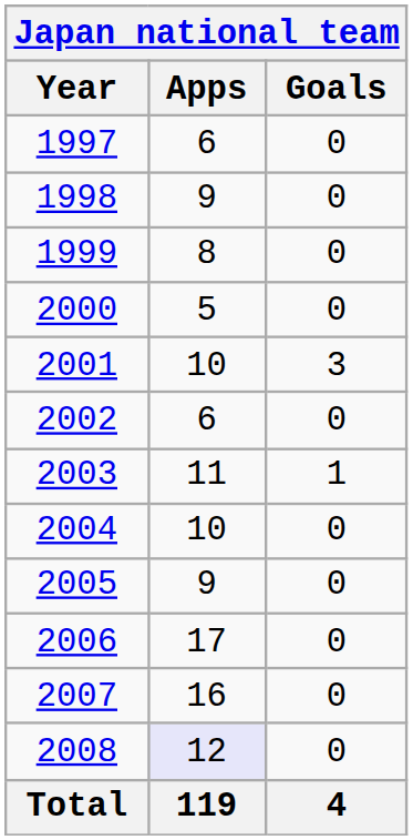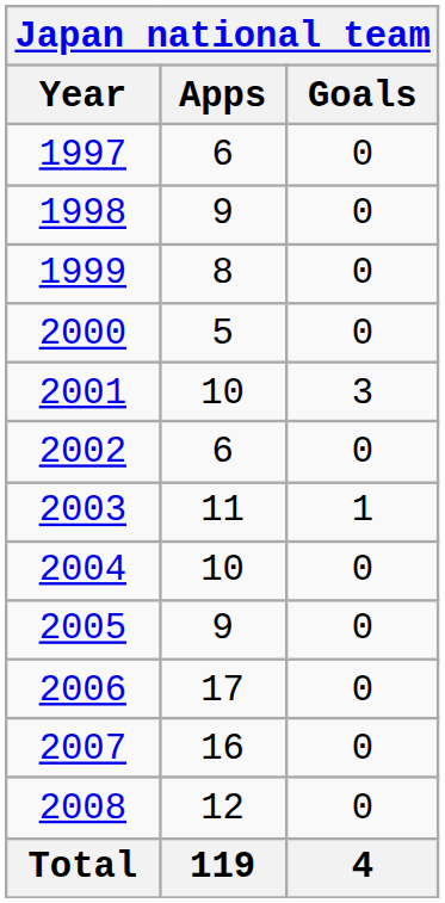 <table class="wikitable" style="text-align:center">
 <tr>
 <th colspan=3><a href='#'>Japan national team</a></th>
 </tr>
 <tr>
 <th>Year</th>
 <th>Apps</th>
 <th>Goals</th>
 </tr>
 <tr>
 <td><a href='#'>1997</a></td>
 <td>6</td>
 <td>0</td>
 </tr>
 <tr>
 <td><a href='#'>1998</a></td>
 <td>9</td>
 <td>0</td>
 </tr>
 <tr>
 <td><a href='#'>1999</a></td>
 <td>8</td>
 <td>0</td>
 </tr>
 <tr>
 <td><a href='#'>2000</a></td>
 <td>5</td>
 <td>0</td>
 </tr>
 <tr>
 <td><a href='#'>2001</a></td>
 <td>10</td>
 <td>3</td>
 </tr>
 <tr>
 <td><a href='#'>2002</a></td>
 <td>6</td>
 <td>0</td>
 </tr>
 <tr>
 <td><a href='#'>2003</a></td>
 <td>11</td>
 <td>1</td>
 </tr>
 <tr>
 <td><a href='#'>2004</a></td>
 <td>10</td>
 <td>0</td>
 </tr>
 <tr>
 <td><a href='#'>2005</a></td>
 <td>9</td>
 <td>0</td>
 </tr>
 <tr>
 <td><a href='#'>2006</a></td>
 <td>17</td>
 <td>0</td>
 </tr>
 <tr>
 <td><a href='#'>2007</a></td>
 <td>16</td>
 <td>0</td>
 </tr>
 <tr>
 <td><a href='#'>2008</a></td>
-<td style="background: lavender;">12</td>
+<td>12</td>
 <td>0</td>
 </tr>
 <tr>
 <th>Total</th>
 <th>119</th>
 <th>4</th>
 </tr>
 </table>
